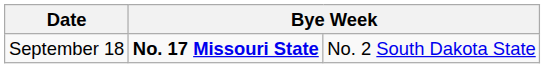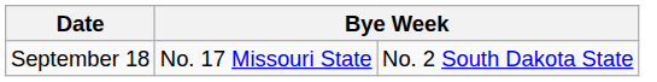 <table class="wikitable" style="font-size:95%;">
 <tr>
 <th>Date</th>
 <th colspan="2">Bye Week</th>
 </tr>
 <tr>
 <td>September 18</td>
-<td><strong>No. 17 <a href='#'>Missouri State</a></strong></td>
+<td>No. 17 <a href='#'>Missouri State</a></td>
 <td>No. 2 <a href='#'>South Dakota State</a></td>
 </tr>
 </table>
